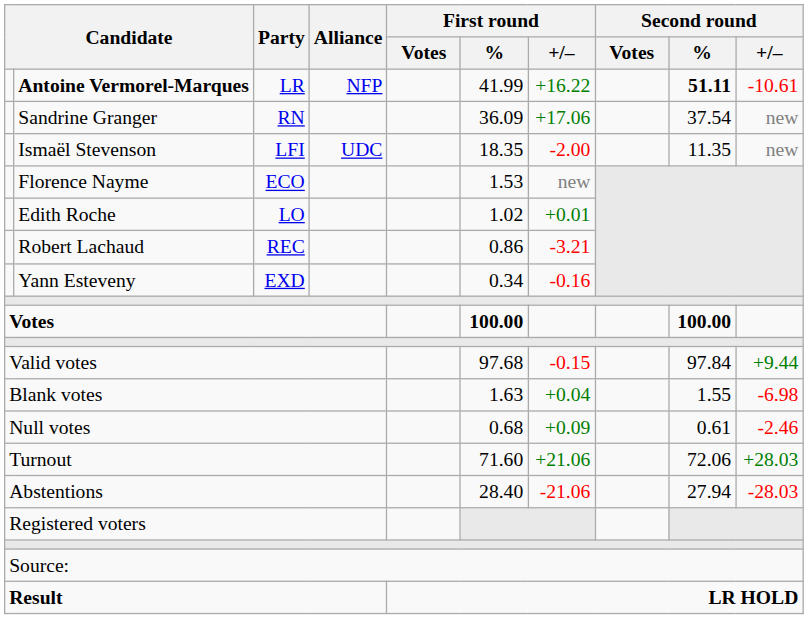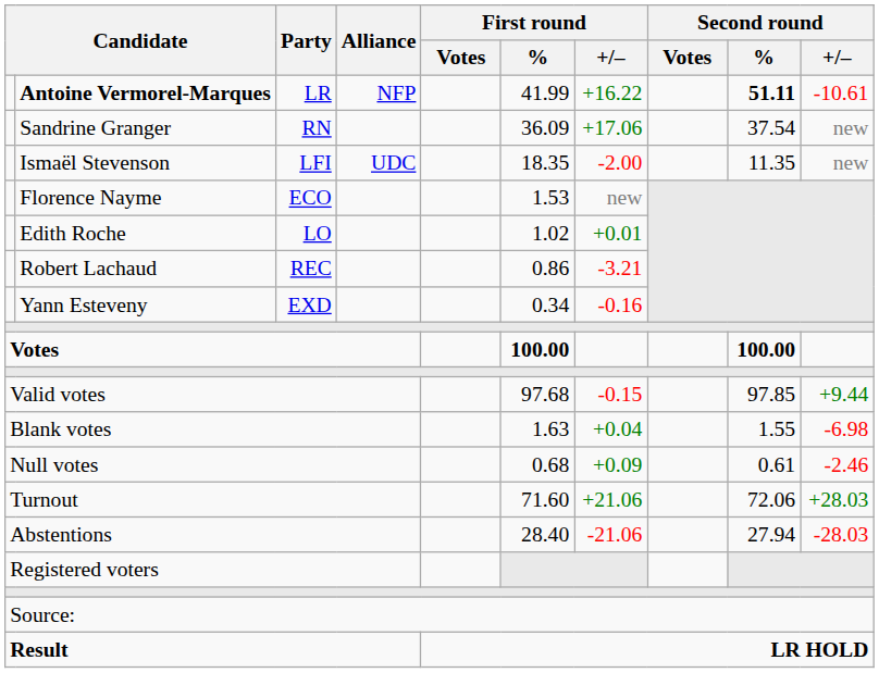 <table class="wikitable" style="text-align:right;font-size:95%;">
 <tr>
 <th rowspan="2" colspan="2">Candidate</th>
 <th colspan="1" rowspan="2">Party</th>
 <th colspan="1" rowspan="2">Alliance</th>
 <th colspan="3">First round</th>
 <th colspan="3">Second round</th>
 </tr>
 <tr>
 <th style="width:50px;">Votes</th>
 <th style="width:45px;">%</th>
 <th style="width:45px;">+/–</th>
 <th style="width:50px;">Votes</th>
 <th style="width:45px;">%</th>
 <th style="width:45px;">+/–</th>
 </tr>
 <tr>
 <td style="color:inherit;background:"></td>
 <td style="text-align:left;"><strong>Antoine Vermorel-Marques</strong></td>
 <td><a href='#'>LR</a></td>
 <td><a href='#'>NFP</a></td>
 <td></td>
 <td>41.99</td>
 <td style="color:green;">+16.22</td>
 <td><strong></strong></td>
 <td><strong>51.11</strong></td>
 <td style="color:red;">-10.61</td>
 </tr>
 <tr>
 <td style="color:inherit;background:"></td>
 <td style="text-align:left;">Sandrine Granger</td>
 <td><a href='#'>RN</a></td>
 <td></td>
 <td></td>
 <td>36.09</td>
 <td style="color:green;">+17.06</td>
 <td></td>
 <td>37.54</td>
 <td style="color:grey;">new</td>
 </tr>
 <tr>
 <td style="color:inherit;background:"></td>
 <td style="text-align:left;">Ismaël Stevenson</td>
 <td><a href='#'>LFI</a></td>
 <td><a href='#'>UDC</a></td>
 <td></td>
 <td>18.35</td>
 <td style="color:red;">-2.00</td>
 <td></td>
 <td>11.35</td>
 <td style="color:grey;">new</td>
 </tr>
 <tr>
 <td style="color:inherit;background:"></td>
 <td style="text-align:left;">Florence Nayme</td>
 <td><a href='#'>ECO</a></td>
 <td></td>
 <td></td>
 <td>1.53</td>
 <td style="color:grey;">new</td>
 <td colspan="3" rowspan="4" style="background:#E9E9E9;"></td>
 </tr>
 <tr>
 <td style="color:inherit;background:"></td>
 <td style="text-align:left;">Edith Roche</td>
 <td><a href='#'>LO</a></td>
 <td></td>
 <td></td>
 <td>1.02</td>
 <td style="color:green;">+0.01</td>
 </tr>
 <tr>
 <td style="color:inherit;background:"></td>
 <td style="text-align:left;">Robert Lachaud</td>
 <td><a href='#'>REC</a></td>
 <td></td>
 <td></td>
 <td>0.86</td>
 <td style="color:red;">-3.21</td>
 </tr>
 <tr>
 <td style="color:inherit;background:"></td>
 <td style="text-align:left;">Yann Esteveny</td>
 <td><a href='#'>EXD</a></td>
 <td></td>
 <td></td>
 <td>0.34</td>
 <td style="color:red;">-0.16</td>
 </tr>
 <tr>
 <td colspan="10" style="background:#E9E9E9;"></td>
 </tr>
 <tr style="font-weight:bold;">
 <td colspan="4" style="text-align:left;">Votes</td>
 <td></td>
 <td>100.00</td>
 <td></td>
 <td></td>
 <td>100.00</td>
 <td></td>
 </tr>
 <tr>
 <td colspan="10" style="background:#E9E9E9;"></td>
 </tr>
 <tr>
 <td colspan="4" style="text-align:left;">Valid votes</td>
 <td></td>
 <td>97.68</td>
 <td style="color:red;">-0.15</td>
 <td></td>
-<td>97.84</td>
+<td>97.85</td>
 <td style="color:green;">+9.44</td>
 </tr>
 <tr>
 <td colspan="4" style="text-align:left;">Blank votes</td>
 <td></td>
 <td>1.63</td>
 <td style="color:green;">+0.04</td>
 <td></td>
 <td>1.55</td>
 <td style="color:red;">-6.98</td>
 </tr>
 <tr>
 <td colspan="4" style="text-align:left;">Null votes</td>
 <td></td>
 <td>0.68</td>
 <td style="color:green;">+0.09</td>
 <td></td>
 <td>0.61</td>
 <td style="color:red;">-2.46</td>
 </tr>
 <tr>
 <td colspan="4" style="text-align:left;">Turnout</td>
 <td></td>
 <td>71.60</td>
 <td style="color:green;">+21.06</td>
 <td></td>
 <td>72.06</td>
 <td style="color:green;">+28.03</td>
 </tr>
 <tr>
 <td colspan="4" style="text-align:left;">Abstentions</td>
 <td></td>
 <td>28.40</td>
 <td style="color:red;">-21.06</td>
 <td></td>
 <td>27.94</td>
 <td style="color:red;">-28.03</td>
 </tr>
 <tr>
 <td colspan="4" style="text-align:left;">Registered voters</td>
 <td></td>
 <td colspan="2" style="background:#E9E9E9;"></td>
 <td></td>
 <td colspan="2" style="background:#E9E9E9;"></td>
 </tr>
 <tr>
 <td colspan="10" style="background:#E9E9E9;"></td>
 </tr>
 <tr>
 <td colspan="10" style="text-align:left;">Source: </td>
 </tr>
 <tr style="font-weight:bold">
 <td colspan="4" style="text-align:left;">Result</td>
 <td colspan="6" style="background-color:">LR HOLD</td>
 </tr>
 </table>
